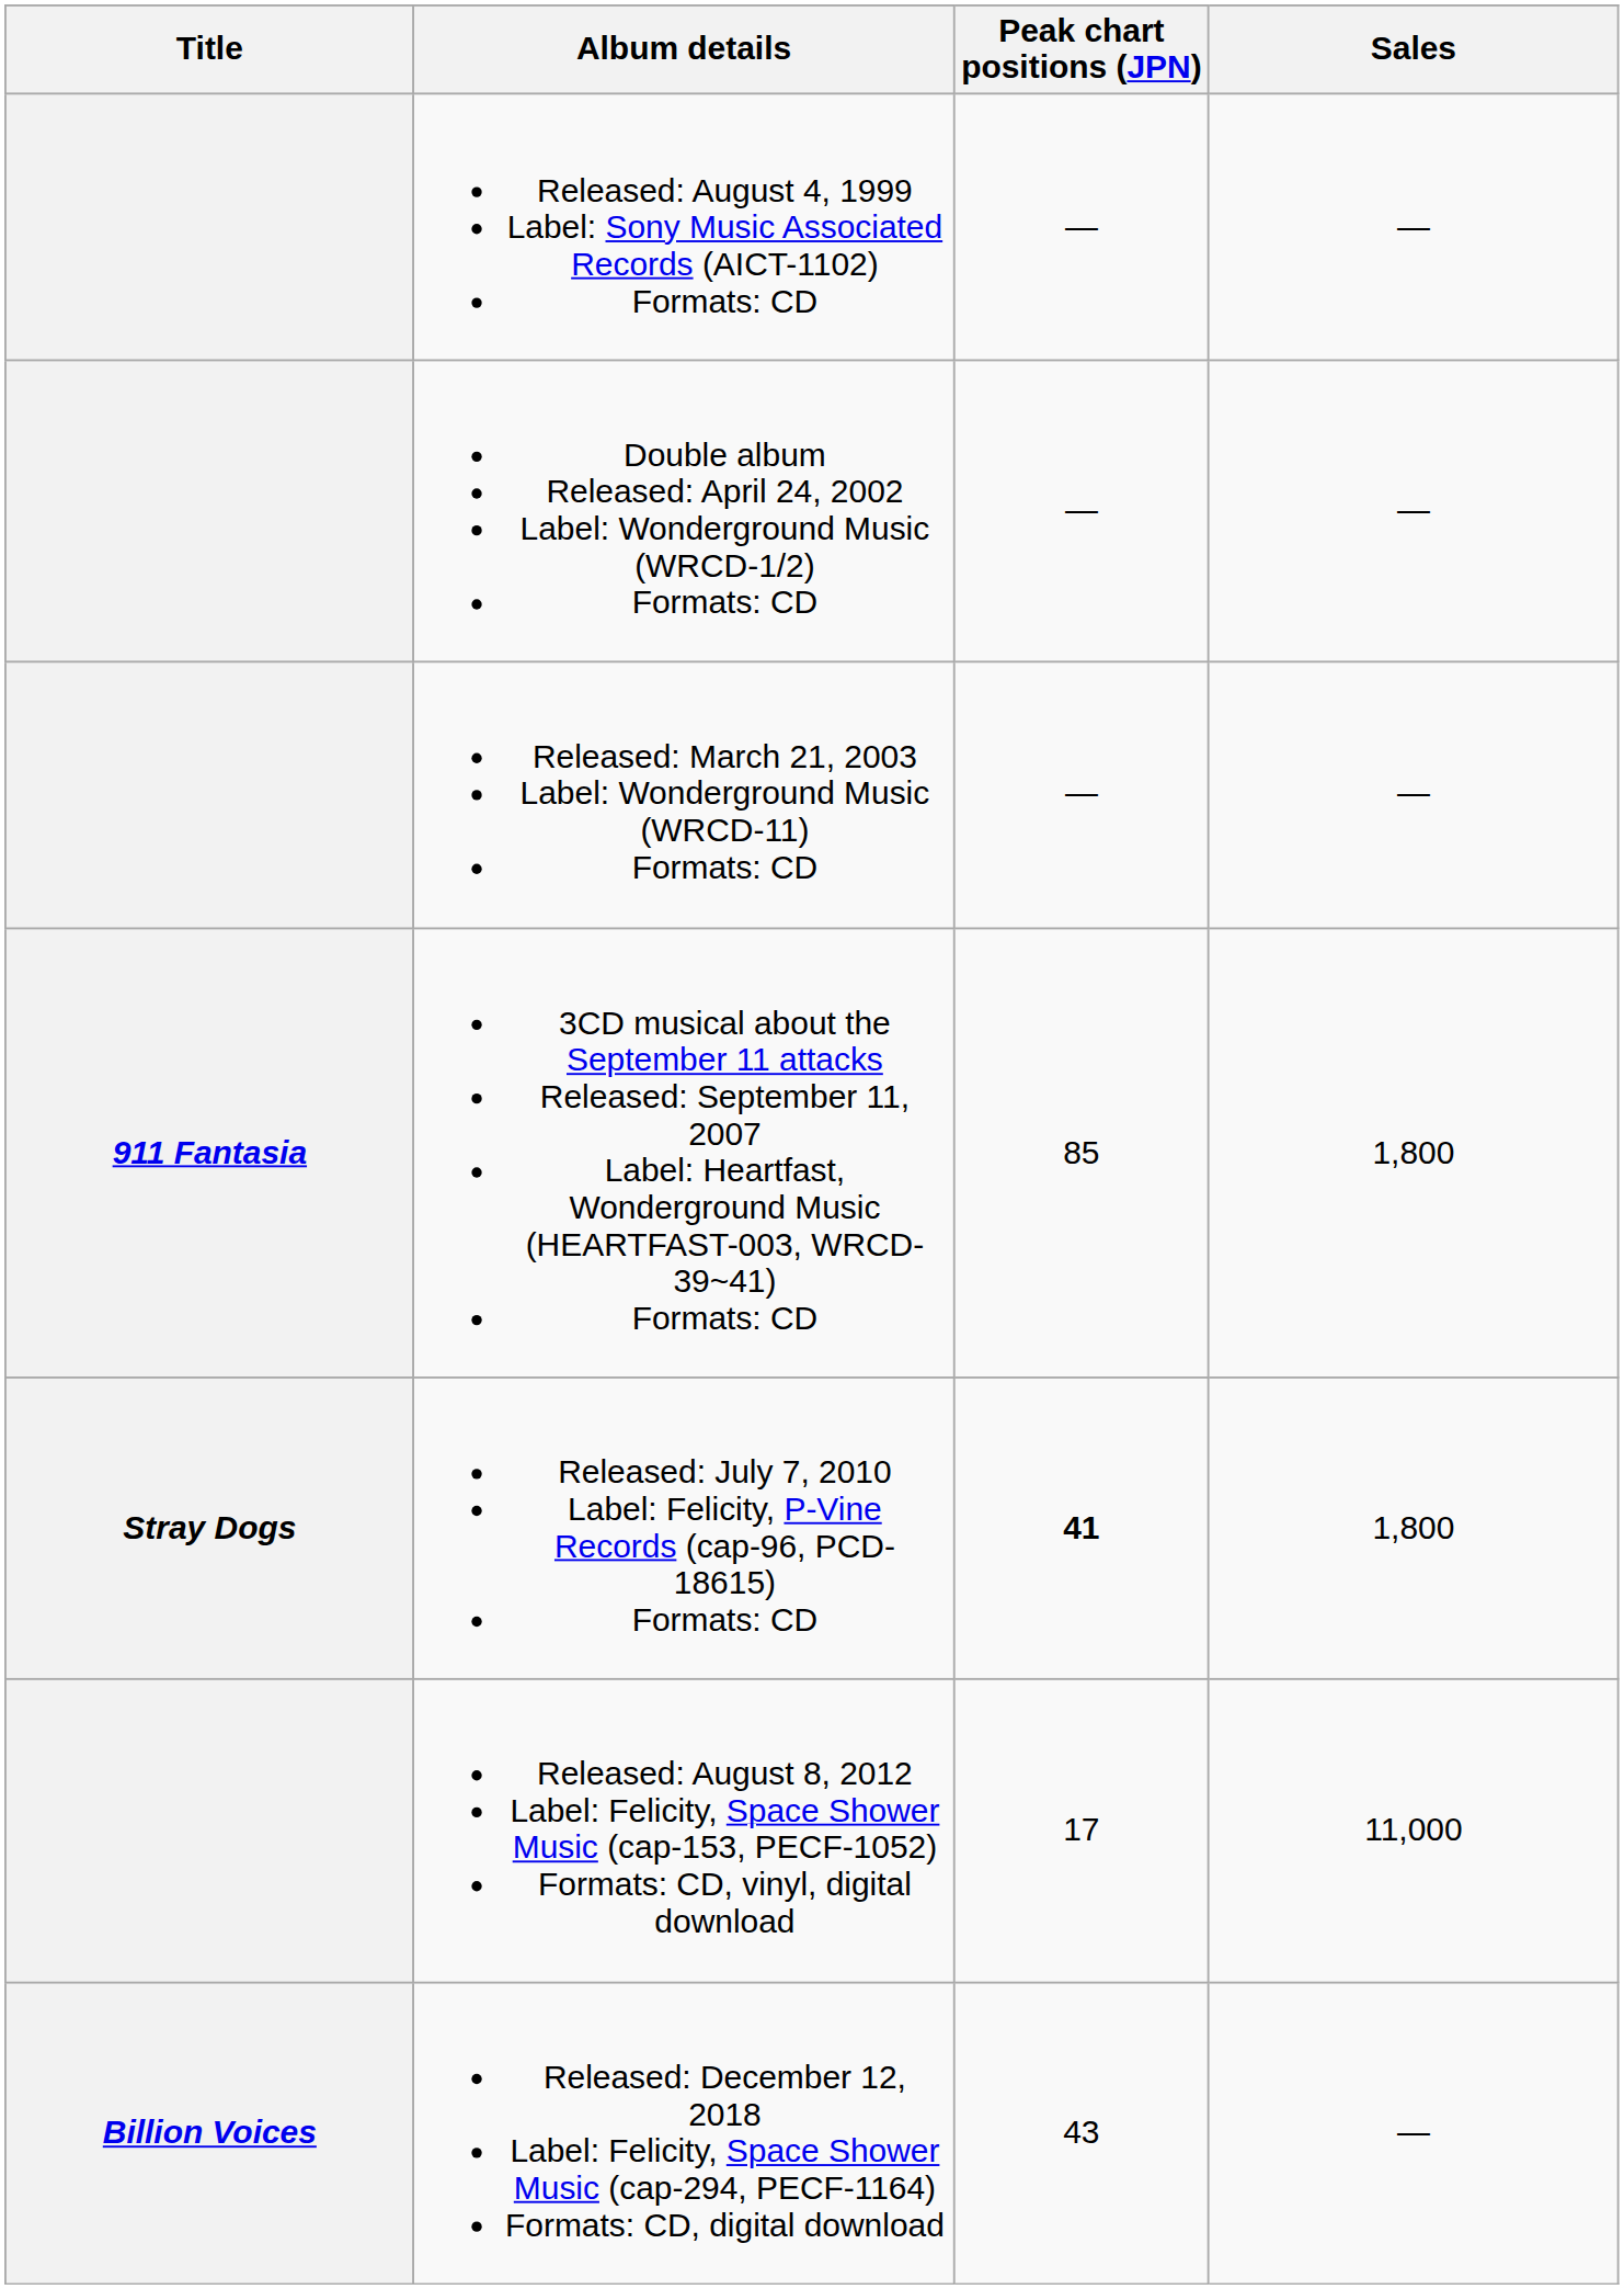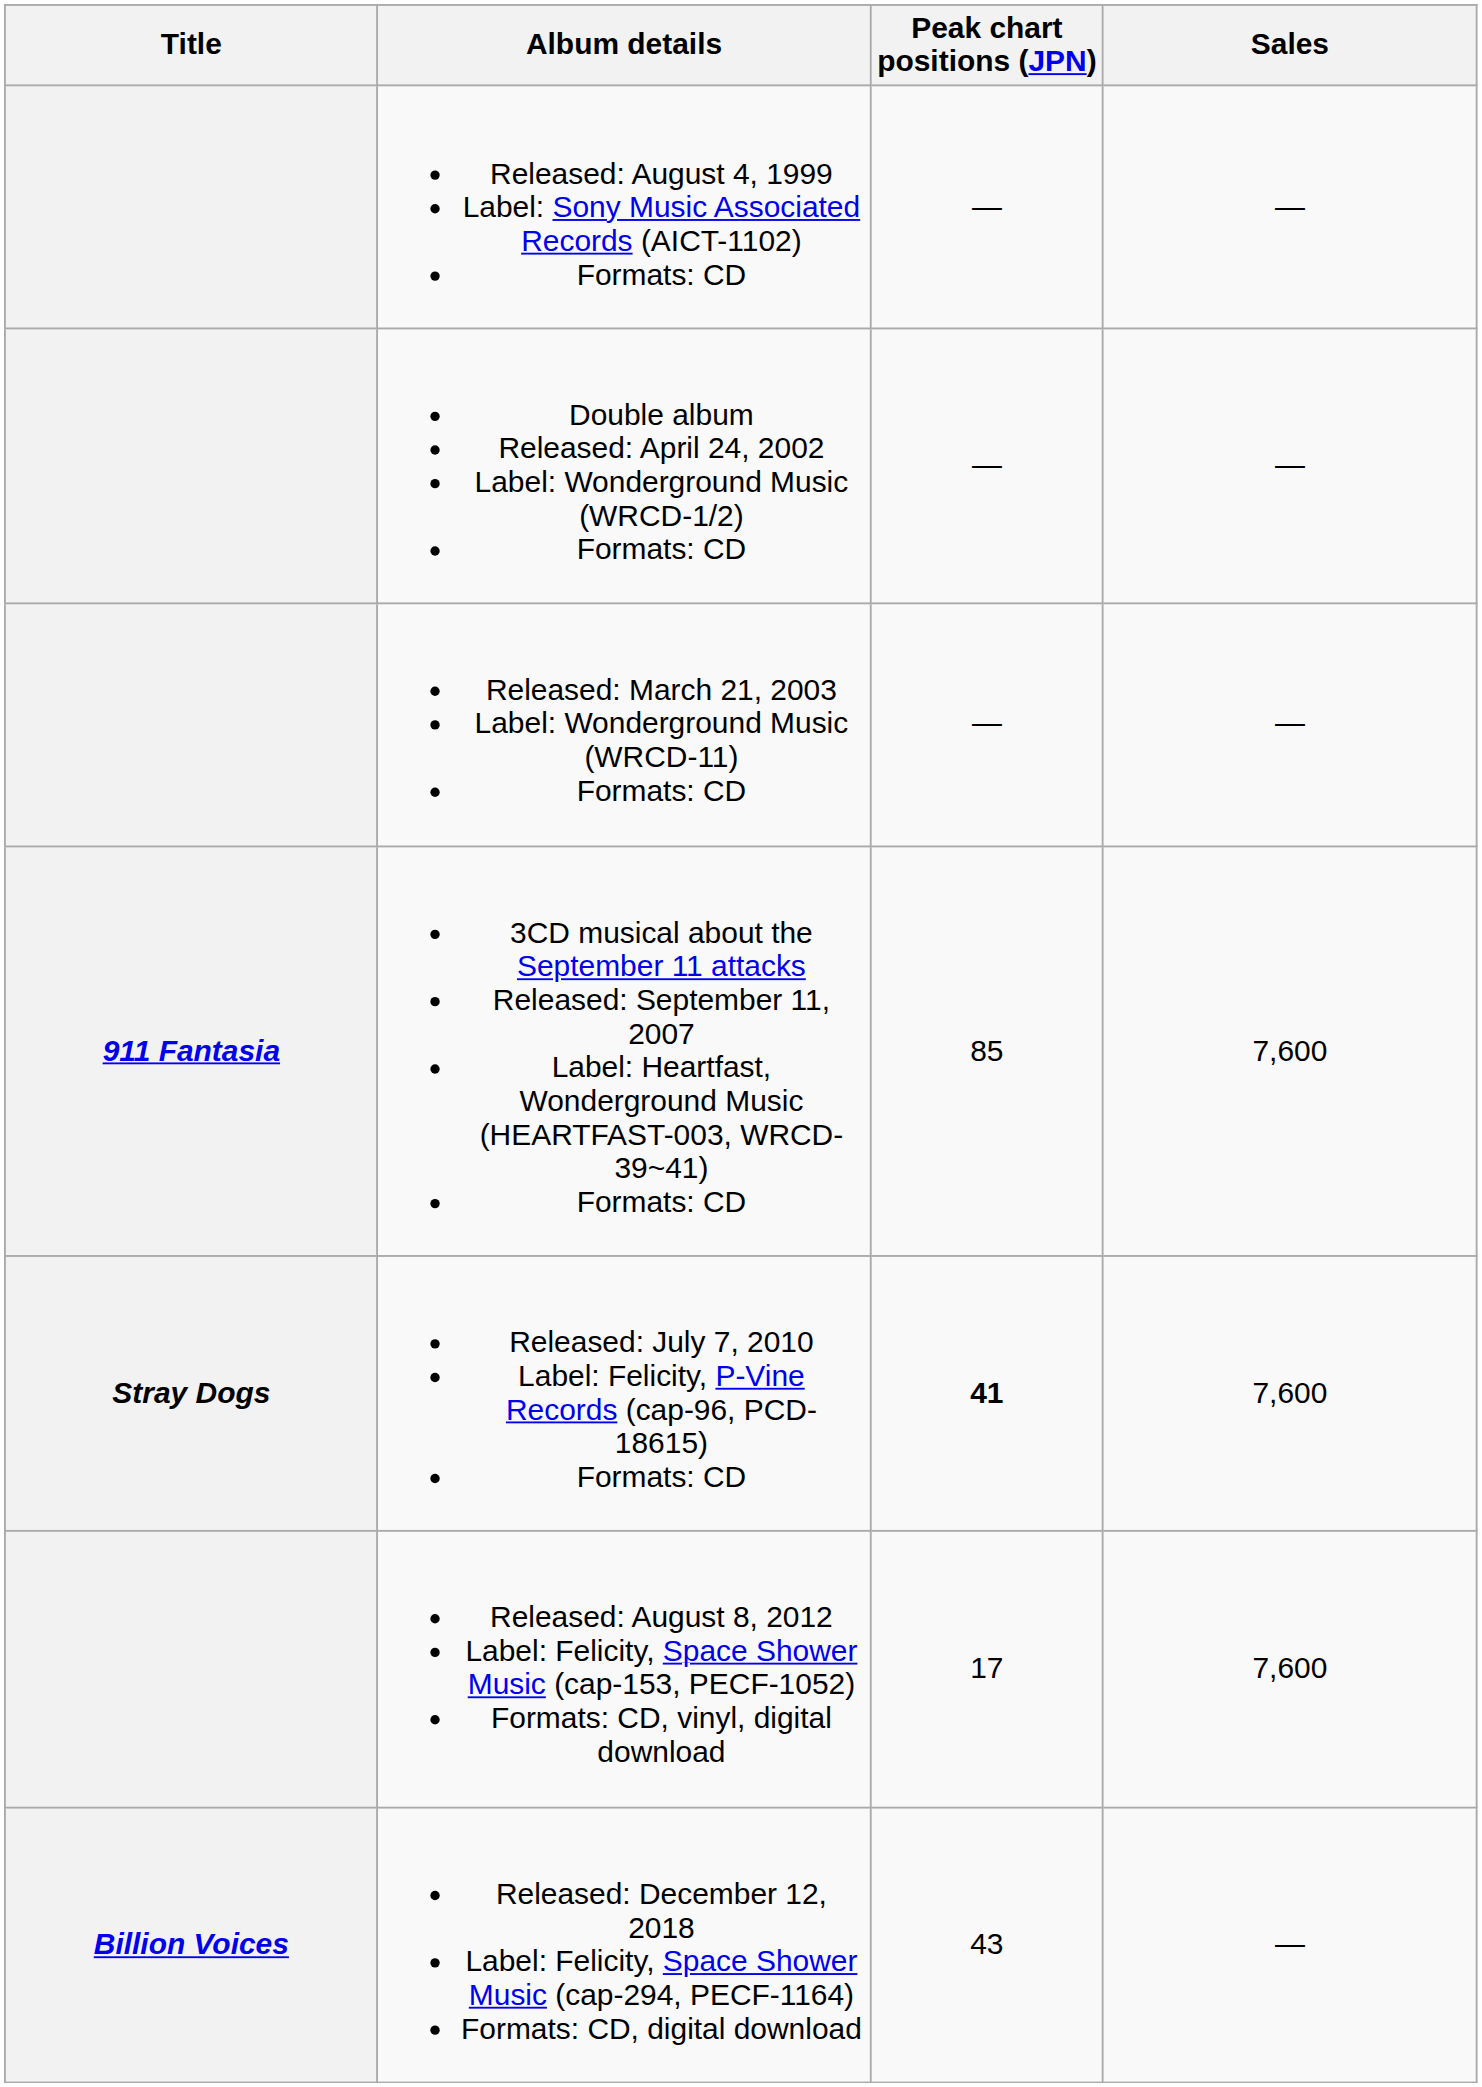 <table class="wikitable plainrowheaders" style="text-align:center;">
 <tr>
 <th style="width:12em;">Title</th>
 <th style="width:16em;">Album details</th>
 <th>Peak chart<br>positions (<a href='#'>JPN</a>)</th>
 <th style="width:12em;">Sales</th>
 </tr>
 <tr>
 <th scope="row"></th>
 <td><br><ul><li>Released: August 4, 1999</li><li>Label: <a href='#'>Sony Music Associated Records</a> (AICT-1102)</li><li>Formats: CD</li></ul></td>
 <td>—</td>
 <td>—</td>
 </tr>
 <tr>
 <th scope="row"></th>
 <td><br><ul><li>Double album</li><li>Released: April 24, 2002</li><li>Label: Wonderground Music (WRCD-1/2)</li><li>Formats: CD</li></ul></td>
 <td>—</td>
 <td>—</td>
 </tr>
 <tr>
 <th scope="row"></th>
 <td><br><ul><li>Released: March 21, 2003</li><li>Label: Wonderground Music (WRCD-11)</li><li>Formats: CD</li></ul></td>
 <td>—</td>
 <td>—</td>
 </tr>
 <tr>
 <th scope="row"><em><a href='#'>911 Fantasia</a></em></th>
 <td><br><ul><li>3CD musical about the <a href='#'>September 11 attacks</a></li><li>Released: September 11, 2007</li><li>Label: Heartfast, Wonderground Music (HEARTFAST-003, WRCD-39~41)</li><li>Formats: CD</li></ul></td>
 <td>85</td>
-<td>1,800</td>
+<td>7,600</td>
 </tr>
 <tr>
 <th scope="row"><em>Stray Dogs</em></th>
 <td><br><ul><li>Released: July 7, 2010</li><li>Label: Felicity, <a href='#'>P-Vine Records</a> (cap-96, PCD-18615)</li><li>Formats: CD</li></ul></td>
 <td><strong>41</strong></td>
-<td>1,800</td>
+<td>7,600</td>
 </tr>
 <tr>
 <th scope="row"></th>
 <td><br><ul><li>Released: August 8, 2012</li><li>Label: Felicity, <a href='#'>Space Shower Music</a> (cap-153, PECF-1052)</li><li>Formats: CD, vinyl, digital download</li></ul></td>
 <td>17</td>
-<td>11,000</td>
+<td>7,600</td>
 </tr>
 <tr>
 <th scope="row"><em><a href='#'>Billion Voices</a></em></th>
 <td><br><ul><li>Released: December 12, 2018</li><li>Label: Felicity, <a href='#'>Space Shower Music</a> (cap-294, PECF-1164)</li><li>Formats: CD, digital download</li></ul></td>
 <td>43</td>
 <td>—</td>
 </tr>
 </table>
